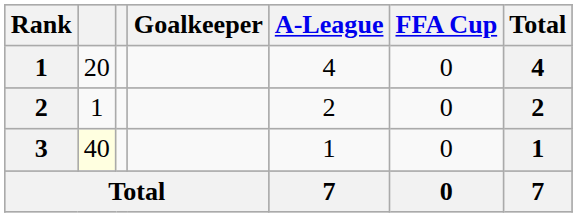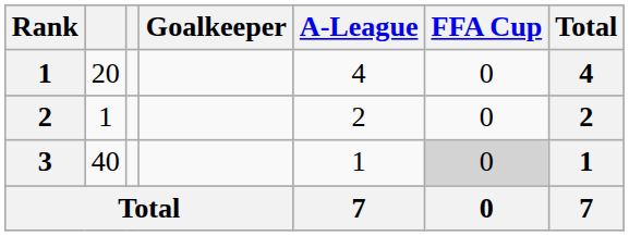 <table class="wikitable" style="text-align:center">
 <tr>
 <th>Rank</th>
 <th></th>
 <th></th>
 <th>Goalkeeper</th>
 <th><a href='#'>A-League</a></th>
 <th><a href='#'>FFA Cup</a></th>
 <th>Total</th>
 </tr>
 <tr>
 <th>1</th>
 <td>20</td>
 <td></td>
 <td align="left"></td>
 <td>4</td>
 <td>0</td>
 <th>4</th>
 </tr>
 <tr>
 <th>2</th>
 <td>1</td>
 <td></td>
 <td align="left"></td>
 <td>2</td>
 <td>0</td>
 <th>2</th>
 </tr>
 <tr>
 <th>3</th>
-<td style="background: lightyellow;">40</td>
+<td>40</td>
 <td></td>
 <td align="left"></td>
 <td>1</td>
-<td>0</td>
+<td style="background: lightgrey;">0</td>
 <th>1</th>
 </tr>
 <tr>
 <th colspan="4">Total</th>
 <th>7</th>
 <th>0</th>
 <th>7</th>
 </tr>
 </table>
